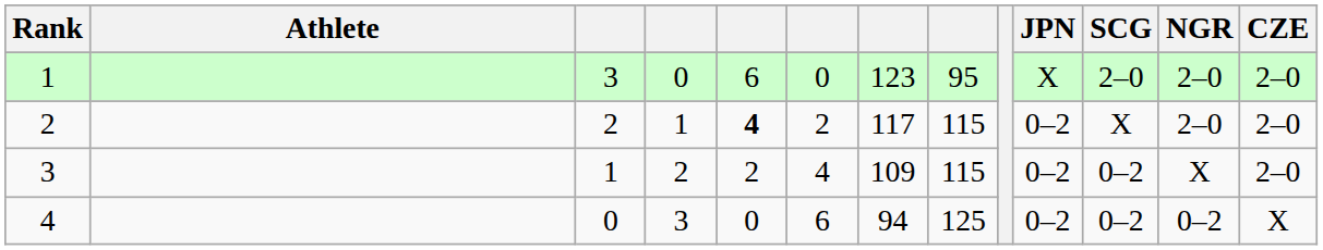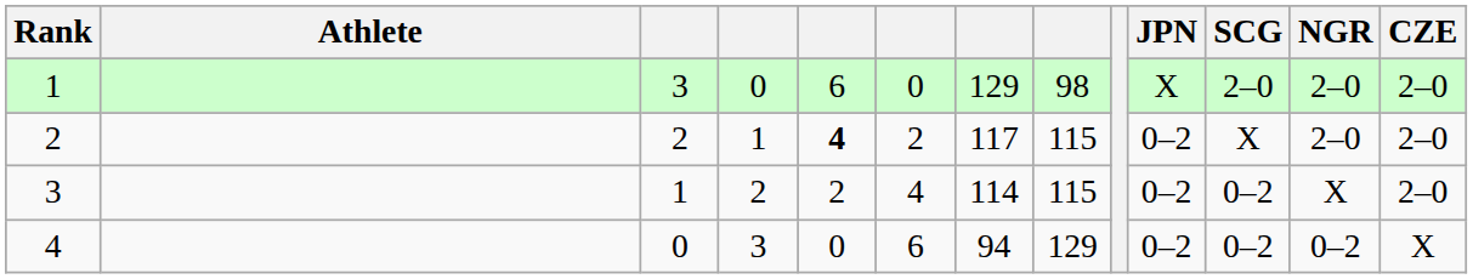 <table class="wikitable" style="text-align:center">
 <tr>
 <th>Rank</th>
 <th width=250>Athlete</th>
 <th width=30></th>
 <th width=30></th>
 <th width=30></th>
 <th width=30></th>
 <th width=30></th>
 <th width=30></th>
 <th rowspan=5></th>
 <th width=30>JPN</th>
 <th width=30>SCG</th>
 <th width=30>NGR</th>
 <th width=30>CZE</th>
 </tr>
 <tr style="background-color:#ccffcc;">
 <td>1</td>
 <td align=left></td>
 <td>3</td>
 <td>0</td>
 <td>6</td>
 <td>0</td>
-<td>123</td>
-<td>95</td>
+<td>129</td>
+<td>98</td>
 <td>X</td>
 <td>2–0</td>
 <td>2–0</td>
 <td>2–0</td>
 </tr>
 <tr>
 <td>2</td>
 <td align=left></td>
 <td>2</td>
 <td>1</td>
 <td><strong>4</strong></td>
 <td>2</td>
 <td>117</td>
 <td>115</td>
 <td>0–2</td>
 <td>X</td>
 <td>2–0</td>
 <td>2–0</td>
 </tr>
 <tr>
 <td>3</td>
 <td align=left></td>
 <td>1</td>
 <td>2</td>
 <td>2</td>
 <td>4</td>
-<td>109</td>
+<td>114</td>
 <td>115</td>
 <td>0–2</td>
 <td>0–2</td>
 <td>X</td>
 <td>2–0</td>
 </tr>
 <tr>
 <td>4</td>
 <td align=left></td>
 <td>0</td>
 <td>3</td>
 <td>0</td>
 <td>6</td>
 <td>94</td>
-<td>125</td>
+<td>129</td>
 <td>0–2</td>
 <td>0–2</td>
 <td>0–2</td>
 <td>X</td>
 </tr>
 </table>
